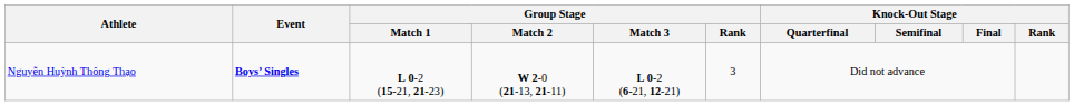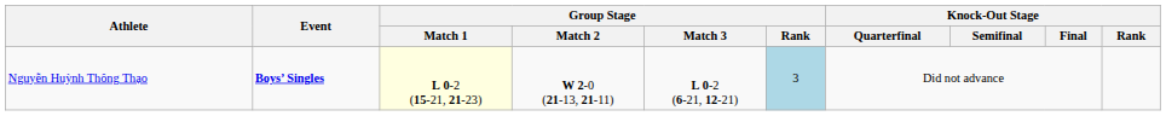 <table class="wikitable" width="85%" style="text-align:left; font-size:90%">
 <tr>
 <th rowspan=2>Athlete</th>
 <th rowspan=2>Event</th>
 <th colspan=4>Group Stage</th>
 <th colspan=4>Knock-Out Stage</th>
 </tr>
 <tr>
 <th>Match 1</th>
 <th>Match 2</th>
 <th>Match 3</th>
 <th>Rank</th>
 <th>Quarterfinal</th>
 <th>Semifinal</th>
 <th>Final</th>
 <th>Rank</th>
 </tr>
 <tr>
 <td><a href='#'>Nguyễn Huỳnh Thông Thạo</a></td>
 <td><strong><a href='#'>Boys’ Singles</a></strong></td>
-<td align=center> <br><br><strong>L</strong> <strong>0</strong>-2 <br> (<strong>15</strong>-21, <strong>21</strong>-23)</td>
+<td align=center style="background: lightyellow;"> <br><br><strong>L</strong> <strong>0</strong>-2 <br> (<strong>15</strong>-21, <strong>21</strong>-23)</td>
 <td align=center> <br><br><strong>W</strong> <strong>2</strong>-0 <br> (<strong>21</strong>-13, <strong>21</strong>-11)</td>
 <td align=center> <br><br><strong>L</strong> <strong>0</strong>-2 <br> (<strong>6</strong>-21, <strong>12</strong>-21)</td>
-<td align=center>3</td>
+<td align=center style="background: lightblue;">3</td>
 <td colspan="3" align=center>Did not advance</td>
 <td align=center></td>
 </tr>
 </table>
